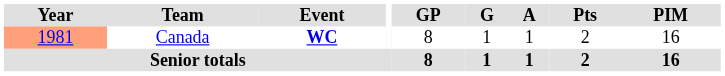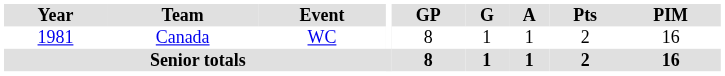 <table border="0" cellpadding="1" cellspacing="0" ID="Table3" style="text-align:center; width:40em">
 <tr bgcolor="#e0e0e0">
 <th>Year</th>
 <th>Team</th>
 <th>Event</th>
 <th rowspan="102" bgcolor="#ffffff"></th>
 <th>GP</th>
 <th>G</th>
 <th>A</th>
 <th>Pts</th>
 <th>PIM</th>
 </tr>
 <tr>
-<td style="background: lightsalmon;"><a href='#'>1981</a></td>
+<td><a href='#'>1981</a></td>
 <td><a href='#'>Canada</a></td>
-<td><strong><a href='#'>WC</a></strong></td>
+<td><a href='#'>WC</a></td>
 <td>8</td>
 <td>1</td>
 <td>1</td>
 <td>2</td>
 <td>16</td>
 </tr>
 <tr bgcolor="#e0e0e0">
 <th colspan="4">Senior totals</th>
 <th>8</th>
 <th>1</th>
 <th>1</th>
 <th>2</th>
 <th>16</th>
 </tr>
 </table>
